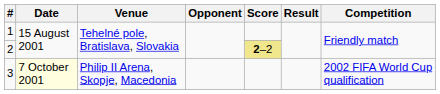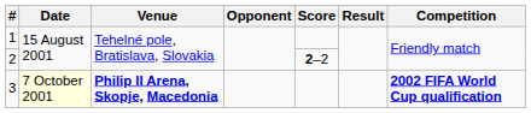 <table class="wikitable">
 <tr>
 <th>#</th>
 <th>Date</th>
 <th>Venue</th>
 <th>Opponent</th>
 <th>Score</th>
 <th>Result</th>
 <th>Competition</th>
 </tr>
 <tr>
 <td>1</td>
 <td rowspan="2">15 August 2001</td>
 <td rowspan="2"><a href='#'>Tehelné pole</a>, <a href='#'>Bratislava</a>, <a href='#'>Slovakia</a></td>
 <td rowspan="2"></td>
 <td></td>
 <td rowspan="2"></td>
 <td rowspan="2"><a href='#'>Friendly match</a></td>
 </tr>
 <tr>
 <td>2</td>
-<td align="center" style="background: khaki;"><strong>2</strong>–2</td>
+<td align="center"><strong>2</strong>–2</td>
 </tr>
 <tr>
 <td>3</td>
 <td style="background: lightyellow;">7 October 2001</td>
-<td><a href='#'>Philip II Arena</a>, <a href='#'>Skopje</a>, <a href='#'>Macedonia</a></td>
+<td><strong><a href='#'>Philip II Arena</a>, <a href='#'>Skopje</a>, <a href='#'>Macedonia</a></strong></td>
 <td></td>
 <td></td>
 <td></td>
-<td><a href='#'>2002 FIFA World Cup qualification</a></td>
+<td><strong><a href='#'>2002 FIFA World Cup qualification</a></strong></td>
 </tr>
 </table>
